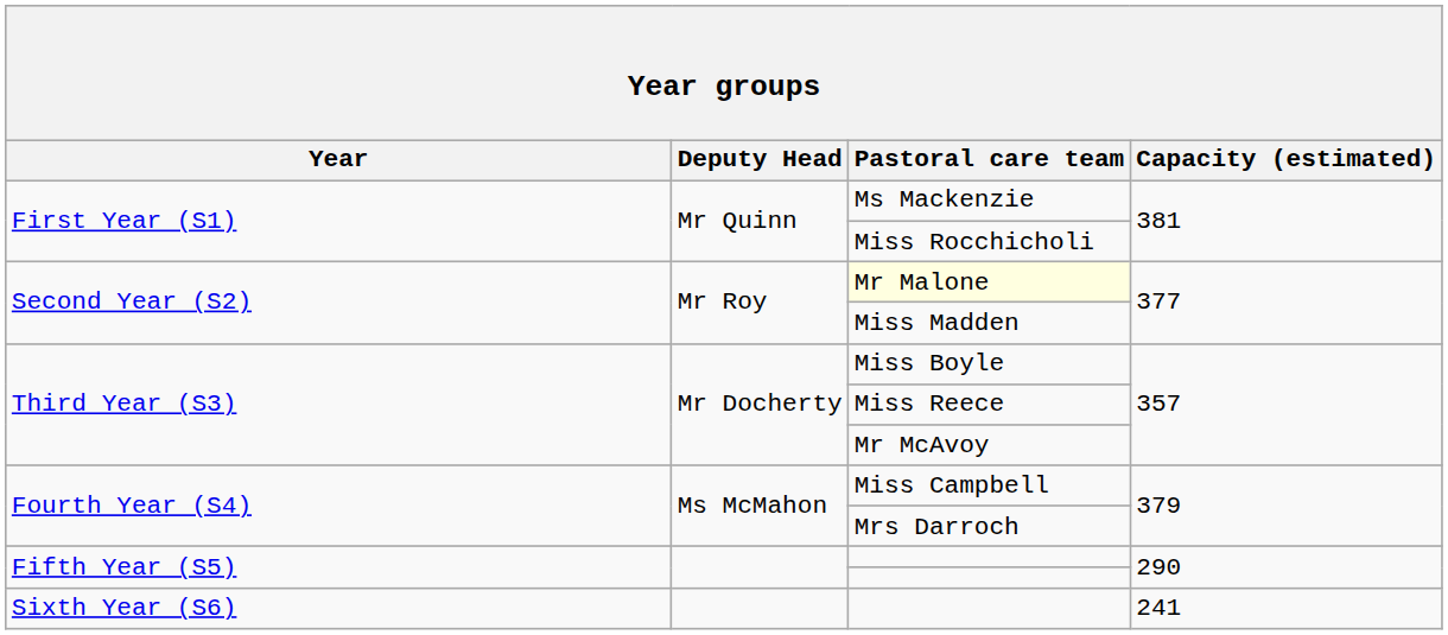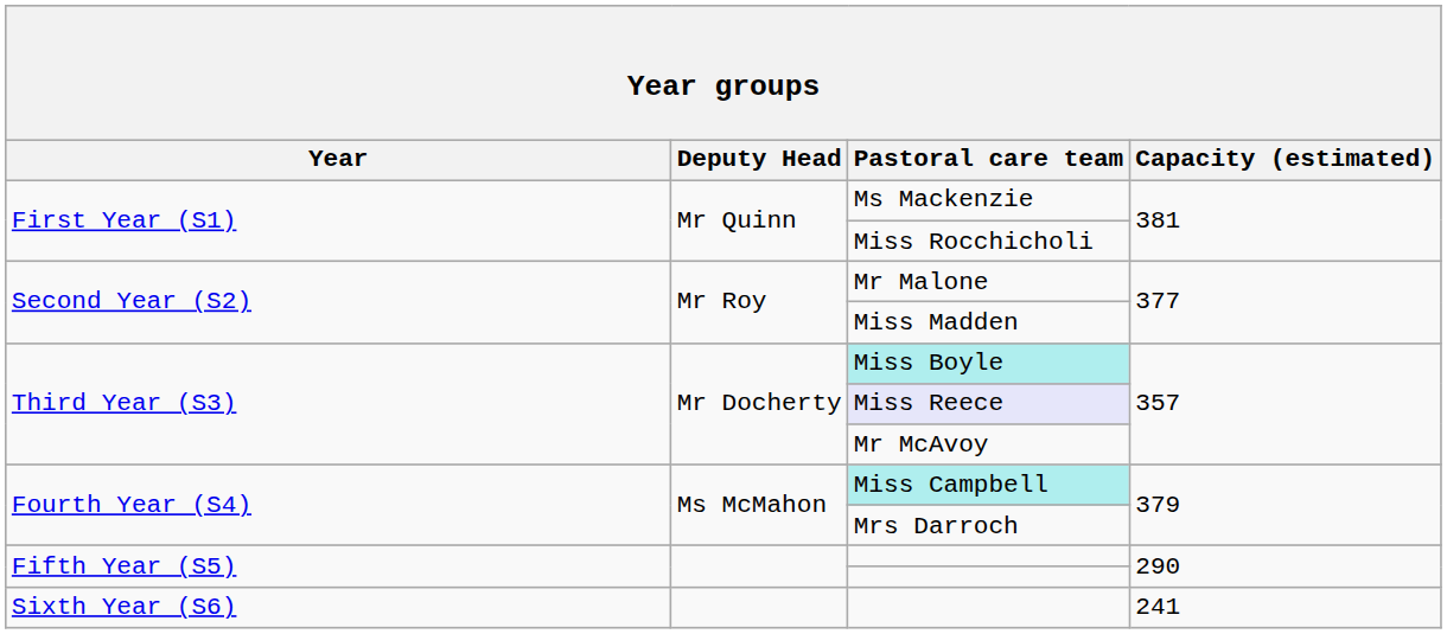 <table class="wikitable">
 <tr>
 <th colspan="4"><br><h3>Year groups</h3></th>
 </tr>
 <tr>
 <th style="width: 340px">Year</th>
 <th>Deputy Head</th>
 <th>Pastoral care team</th>
 <th>Capacity (estimated)</th>
 </tr>
 <tr>
 <td rowspan="2"><a href='#'>First Year (S1)</a></td>
 <td rowspan="2">Mr Quinn</td>
 <td>Ms Mackenzie</td>
 <td rowspan="2">381</td>
 </tr>
 <tr>
 <td>Miss Rocchicholi</td>
 </tr>
 <tr>
 <td rowspan="2"><a href='#'>Second Year (S2)</a></td>
 <td rowspan="2">Mr Roy</td>
-<td style="background: lightyellow;">Mr Malone</td>
+<td>Mr Malone</td>
 <td rowspan="2">377</td>
 </tr>
 <tr>
 <td>Miss Madden</td>
 </tr>
 <tr>
 <td rowspan="3"><a href='#'>Third Year (S3)</a></td>
 <td rowspan="3">Mr Docherty</td>
-<td>Miss Boyle</td>
+<td style="background: paleturquoise;">Miss Boyle</td>
 <td rowspan="3">357</td>
 </tr>
 <tr>
-<td>Miss Reece</td>
+<td style="background: lavender;">Miss Reece</td>
 </tr>
 <tr>
 <td>Mr McAvoy</td>
 </tr>
 <tr>
 <td rowspan="2"><a href='#'>Fourth Year (S4)</a></td>
 <td rowspan="2">Ms McMahon</td>
-<td>Miss Campbell</td>
+<td style="background: paleturquoise;">Miss Campbell</td>
 <td rowspan="2">379</td>
 </tr>
 <tr>
 <td>Mrs Darroch</td>
 </tr>
 <tr>
 <td rowspan="2"><a href='#'>Fifth Year (S5)</a></td>
 <td rowspan="2"></td>
 <td></td>
 <td rowspan="2">290</td>
 </tr>
 <tr>
 <td></td>
 </tr>
 <tr>
 <td><a href='#'>Sixth Year (S6)</a></td>
 <td></td>
 <td></td>
 <td>241</td>
 </tr>
 </table>
